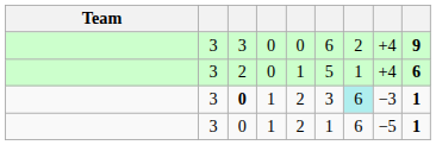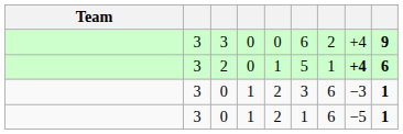 <table class="wikitable" style="text-align:center">
 <tr>
 <th width=175>Team</th>
 <th width=20></th>
 <th width=20></th>
 <th width=20></th>
 <th width=20></th>
 <th width=20></th>
 <th width=20></th>
 <th width=20></th>
 <th width=20></th>
 </tr>
 <tr bgcolor=ccffcc>
 <td align=left></td>
 <td>3</td>
 <td>3</td>
 <td>0</td>
 <td>0</td>
 <td>6</td>
 <td>2</td>
 <td>+4</td>
 <td><strong>9</strong></td>
 </tr>
 <tr bgcolor=ccffcc>
 <td align=left></td>
 <td>3</td>
 <td>2</td>
 <td>0</td>
 <td>1</td>
 <td>5</td>
 <td>1</td>
-<td>+4</td>
+<td><strong>+4</strong></td>
 <td><strong>6</strong></td>
 </tr>
 <tr>
 <td align=left></td>
 <td>3</td>
-<td><strong>0</strong></td>
+<td>0</td>
 <td>1</td>
 <td>2</td>
 <td>3</td>
-<td style="background: paleturquoise;">6</td>
+<td>6</td>
 <td>−3</td>
 <td><strong>1</strong></td>
 </tr>
 <tr>
 <td align=left></td>
 <td>3</td>
 <td>0</td>
 <td>1</td>
 <td>2</td>
 <td>1</td>
 <td>6</td>
 <td>−5</td>
 <td><strong>1</strong></td>
 </tr>
 </table>
